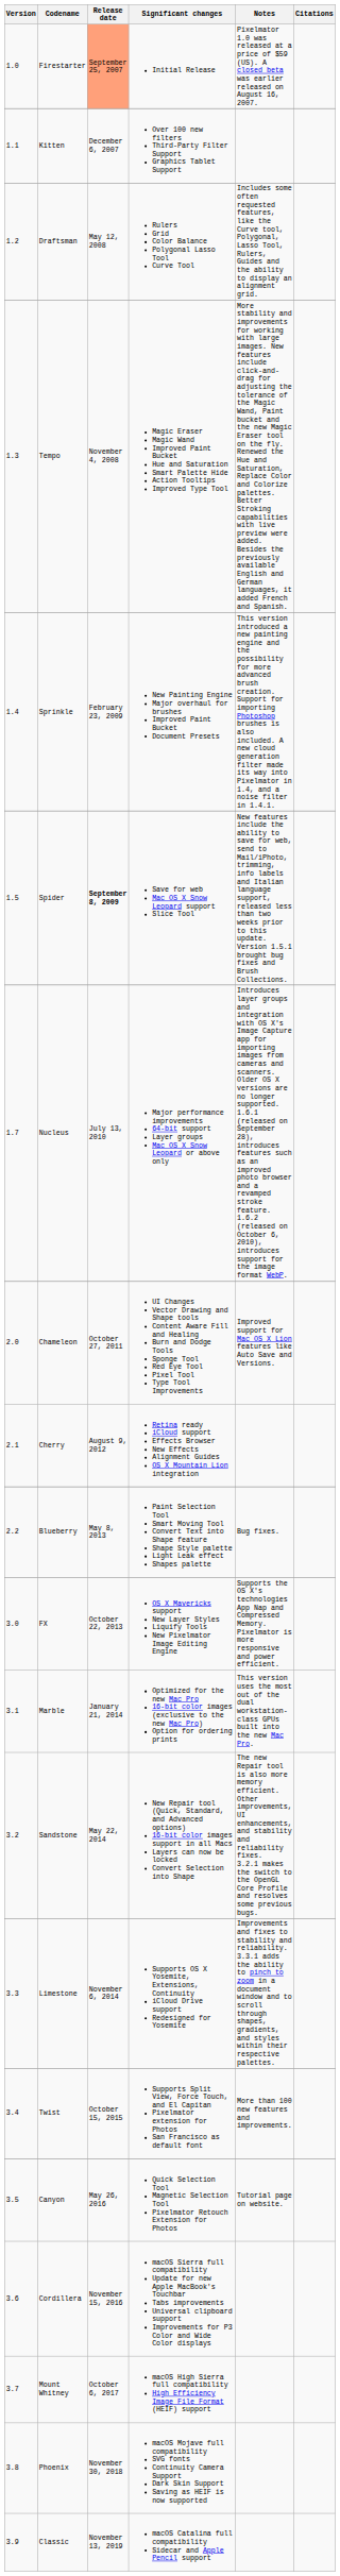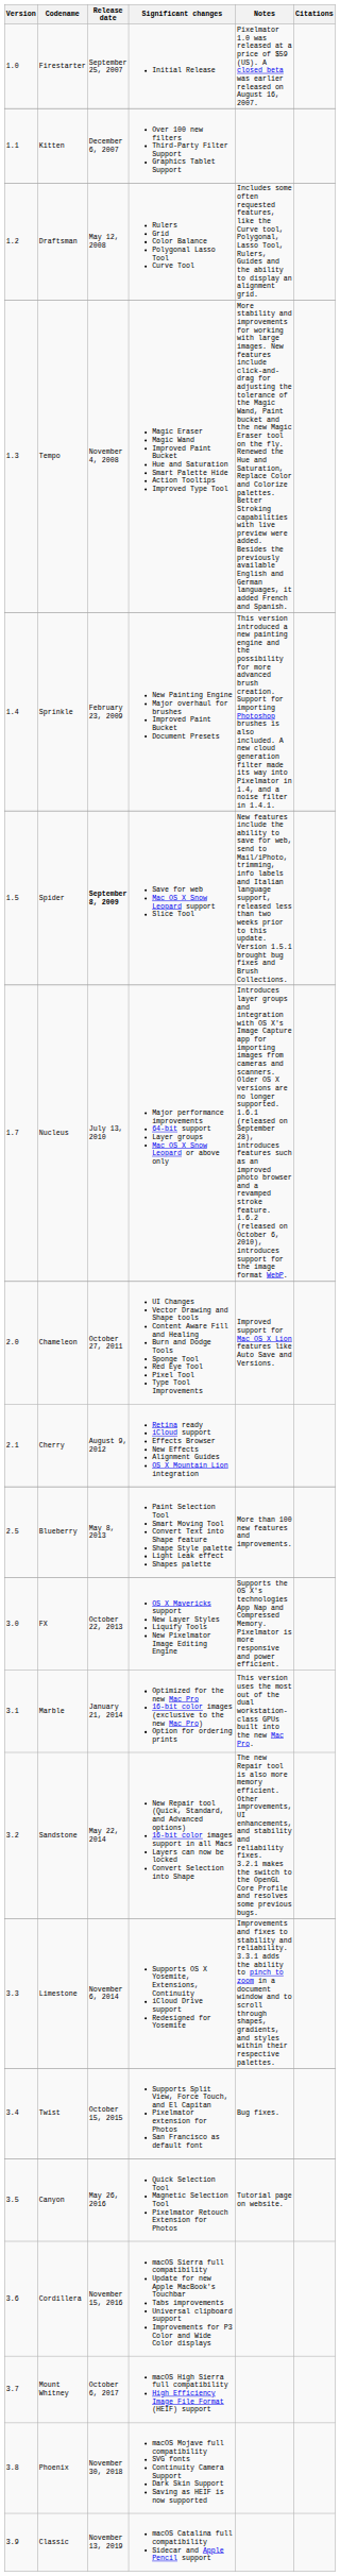 <table class="wikitable">
 <tr>
 <th>Version</th>
 <th>Codename</th>
 <th>Release date</th>
 <th style="width:250px">Significant changes</th>
 <th>Notes</th>
 <th>Citations</th>
 </tr>
 <tr>
 <td>1.0</td>
 <td>Firestarter</td>
-<td style="background: lightsalmon;">September 25, 2007</td>
+<td>September 25, 2007</td>
 <td><br><ul><li>Initial Release</li></ul></td>
 <td>Pixelmator 1.0 was released at a price of $59 (US). A <a href='#'>closed beta</a> was earlier released on August 16, 2007.</td>
 <td></td>
 </tr>
 <tr>
 </tr>
 <tr>
 <td>1.1</td>
 <td>Kitten</td>
 <td>December 6, 2007</td>
 <td><br><ul><li>Over 100 new filters</li><li>Third-Party Filter Support</li><li>Graphics Tablet Support</li></ul></td>
 <td></td>
 <td></td>
 </tr>
 <tr>
 </tr>
 <tr>
 </tr>
 <tr>
 </tr>
 <tr>
 <td>1.2</td>
 <td>Draftsman</td>
 <td>May 12, 2008</td>
 <td><br><ul><li>Rulers</li><li>Grid</li><li>Color Balance</li><li>Polygonal Lasso Tool</li><li>Curve Tool</li></ul></td>
 <td>Includes some often requested features, like the Curve tool, Polygonal, Lasso Tool, Rulers, Guides and the ability to display an alignment grid.</td>
 <td></td>
 </tr>
 <tr>
 </tr>
 <tr>
 <td>1.3</td>
 <td>Tempo</td>
 <td>November 4, 2008</td>
 <td><br><ul><li>Magic Eraser</li><li>Magic Wand</li><li>Improved Paint Bucket</li><li>Hue and Saturation</li><li>Smart Palette Hide</li><li>Action Tooltips</li><li>Improved Type Tool</li></ul></td>
 <td>More stability and improvements for working with large images. New features include click-and-drag for adjusting the tolerance of the Magic Wand, Paint bucket and the new Magic Eraser tool on the fly. Renewed the Hue and Saturation, Replace Color and Colorize palettes. Better Stroking capabilities with live preview were added. Besides the previously available English and German languages, it added French and Spanish.</td>
 <td></td>
 </tr>
 <tr>
 </tr>
 <tr>
 <td>1.4</td>
 <td>Sprinkle</td>
 <td>February 23, 2009</td>
 <td><br><ul><li>New Painting Engine</li><li>Major overhaul for brushes</li><li>Improved Paint Bucket</li><li>Document Presets</li></ul></td>
 <td>This version introduced a new painting engine and the possibility for more advanced brush creation. Support for importing <a href='#'>Photoshop</a> brushes is also included. A new cloud generation filter made its way into Pixelmator in 1.4, and a noise filter in 1.4.1.</td>
 <td></td>
 </tr>
 <tr>
 </tr>
 <tr>
 <td>1.5</td>
 <td>Spider</td>
 <td><strong>September 8, 2009</strong></td>
 <td><br><ul><li>Save for web</li><li><a href='#'>Mac OS X Snow Leopard</a> support</li><li>Slice Tool</li></ul></td>
 <td>New features include the ability to save for web, send to Mail/iPhoto, trimming, info labels and Italian language support, released less than two weeks prior to this update.<br>Version 1.5.1 brought bug fixes and Brush Collections.</td>
 <td></td>
 </tr>
 <tr>
 </tr>
 <tr>
 <td>1.7</td>
 <td>Nucleus</td>
 <td>July 13, 2010</td>
 <td><br><ul><li>Major performance improvements</li><li><a href='#'>64-bit</a> support</li><li>Layer groups</li><li><a href='#'>Mac OS X Snow Leopard</a> or above only</li></ul></td>
 <td>Introduces layer groups and integration with OS X's Image Capture app for importing images from cameras and scanners. Older OS X versions are no longer supported.<br>1.6.1 (released on September 28), introduces features such as an improved photo browser and a revamped stroke feature. 1.6.2 (released on October 6, 2010), introduces support for the image format <a href='#'>WebP</a>.</td>
 <td></td>
 </tr>
 <tr>
 </tr>
 <tr>
 </tr>
 <tr>
 <td>2.0</td>
 <td>Chameleon</td>
 <td>October 27, 2011</td>
 <td><br><ul><li>UI Changes</li><li>Vector Drawing and Shape tools</li><li>Content Aware Fill and Healing</li><li>Burn and Dodge Tools</li><li>Sponge Tool</li><li>Red Eye Tool</li><li>Pixel Tool</li><li>Type Tool Improvements</li></ul></td>
 <td>Improved support for <a href='#'>Mac OS X Lion</a> features like Auto Save and Versions.</td>
 <td></td>
 </tr>
 <tr>
 <td>2.1</td>
 <td>Cherry</td>
 <td>August 9, 2012</td>
 <td><br><ul><li><a href='#'>Retina</a> ready</li><li><a href='#'>iCloud</a> support</li><li>Effects Browser</li><li>New Effects</li><li>Alignment Guides</li><li><a href='#'>OS X Mountain Lion</a> integration</li></ul></td>
 <td></td>
 <td></td>
 </tr>
 <tr>
 </tr>
 <tr>
 </tr>
 <tr>
-<td>2.2</td>
+<td>2.5</td>
 <td>Blueberry</td>
 <td>May 8, 2013</td>
 <td><br><ul><li>Paint Selection Tool</li><li>Smart Moving Tool</li><li>Convert Text into Shape feature</li><li>Shape Style palette</li><li>Light Leak effect</li><li>Shapes palette</li></ul></td>
-<td>Bug fixes.</td>
+<td>More than 100 new features and improvements.</td>
 <td></td>
 </tr>
 <tr>
 </tr>
 <tr>
 </tr>
 <tr>
 <td>3.0</td>
 <td>FX</td>
 <td>October 22, 2013</td>
 <td><br><ul><li><a href='#'>OS X Mavericks</a> support</li><li>New Layer Styles</li><li>Liquify Tools</li><li>New Pixelmator Image Editing Engine</li></ul></td>
 <td>Supports the OS X's technologies App Nap and Compressed Memory. Pixelmator is more responsive and power efficient.</td>
 <td></td>
 </tr>
 <tr>
 <td>3.1</td>
 <td>Marble</td>
 <td>January 21, 2014</td>
 <td><br><ul><li>Optimized for the new <a href='#'>Mac Pro</a></li><li><a href='#'>16-bit color</a> images (exclusive to the new <a href='#'>Mac Pro</a>)</li><li>Option for ordering prints</li></ul></td>
 <td>This version uses the most out of the dual workstation-class GPUs built into the new <a href='#'>Mac Pro</a>.</td>
 <td></td>
 </tr>
 <tr>
 <td>3.2</td>
 <td>Sandstone</td>
 <td>May 22, 2014</td>
 <td><br><ul><li>New Repair tool (Quick, Standard, and Advanced options)</li><li><a href='#'>16-bit color</a> images support in all Macs</li><li>Layers can now be locked</li><li>Convert Selection into Shape</li></ul></td>
 <td>The new Repair tool is also more memory efficient. Other improvements, UI enhancements, and stability and reliability fixes.<br>3.2.1 makes the switch to the OpenGL Core Profile and resolves some previous bugs.</td>
 <td></td>
 </tr>
 <tr>
 </tr>
 <tr>
 <td>3.3</td>
 <td>Limestone</td>
 <td>November 6, 2014</td>
 <td><br><ul><li>Supports OS X Yosemite, Extensions, Continuity</li><li>iCloud Drive support</li><li>Redesigned for Yosemite</li></ul></td>
 <td>Improvements and fixes to stability and reliability.<br>3.3.1 adds the ability to <a href='#'>pinch to zoom</a> in a document window and to scroll through shapes, gradients, and styles within their respective palettes.</td>
 <td></td>
 </tr>
 <tr>
 </tr>
 <tr>
 <td>3.4</td>
 <td>Twist</td>
 <td>October 15, 2015</td>
 <td><br><ul><li>Supports Split View, Force Touch, and El Capitan</li><li>Pixelmator extension for Photos</li><li>San Francisco as default font</li></ul></td>
-<td>More than 100 new features and improvements.</td>
+<td>Bug fixes.</td>
 <td></td>
 </tr>
 <tr>
 </tr>
 <tr>
 <td>3.5</td>
 <td>Canyon</td>
 <td>May 26, 2016</td>
 <td><br><ul><li>Quick Selection Tool</li><li>Magnetic Selection Tool</li><li>Pixelmator Retouch Extension for Photos</li></ul></td>
 <td>Tutorial page on website.</td>
 <td></td>
 </tr>
 <tr>
 <td>3.6</td>
 <td>Cordillera</td>
 <td>November 15, 2016</td>
 <td><br><ul><li>macOS Sierra full compatibility</li><li>Update for new Apple MacBook's Touchbar</li><li>Tabs improvements</li><li>Universal clipboard support</li><li>Improvements for P3 Color and Wide Color displays</li></ul></td>
 <td></td>
 <td></td>
 </tr>
 <tr>
 <td>3.7</td>
 <td>Mount Whitney</td>
 <td>October 6, 2017</td>
 <td><br><ul><li>macOS High Sierra full compatibility</li><li><a href='#'>High Efficiency Image File Format</a> (HEIF) support</li></ul></td>
 <td></td>
 <td></td>
 </tr>
 <tr>
 <td>3.8</td>
 <td>Phoenix</td>
 <td>November 30, 2018</td>
 <td><br><ul><li>macOS Mojave full compatibility</li><li>SVG fonts</li><li>Continuity Camera Support</li><li>Dark Skin Support</li><li>Saving as HEIF is now supported</li></ul></td>
 <td></td>
 <td></td>
 </tr>
 <tr>
 <td>3.9</td>
 <td>Classic</td>
 <td>November 13, 2019</td>
 <td><br><ul><li>macOS Catalina full compatibility</li><li>Sidecar and <a href='#'>Apple Pencil</a> support</li></ul></td>
 <td></td>
 <td></td>
 </tr>
 </table>
